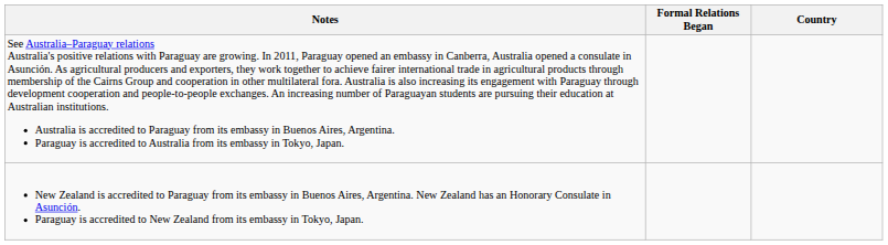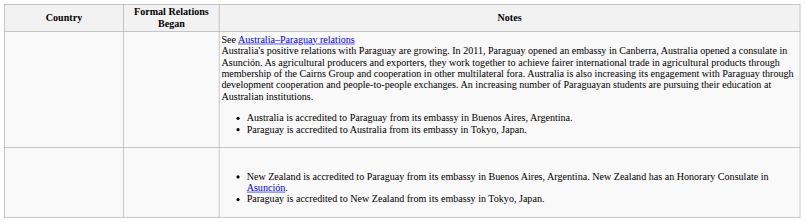 <table class="wikitable sortable" style="width:100%; margin:auto;">
 <tr>
+<th style="width:15%;">Country</th>
+<th style="width:12%;">Formal Relations Began</th>
 <th>Notes</th>
-<th style="width:12%;">Formal Relations Began</th>
-<th style="width:15%;">Country</th>
 </tr>
 <tr valign="top">
-<td>See <a href='#'>Australia–Paraguay relations</a><br>Australia's positive relations with Paraguay are growing. In 2011, Paraguay opened an embassy in Canberra, Australia opened a consulate in Asunción. As agricultural producers and exporters, they work together to achieve fairer international trade in agricultural products through membership of the Cairns Group and cooperation in other multilateral fora. Australia is also increasing its engagement with Paraguay through development cooperation and people-to-people exchanges. An increasing number of Paraguayan students are pursuing their education at Australian institutions.<ul><li>Australia is accredited to Paraguay from its embassy in Buenos Aires, Argentina.</li><li>Paraguay is accredited to Australia from its embassy in Tokyo, Japan.</li></ul></td>
 <td></td>
 <td></td>
+<td>See <a href='#'>Australia–Paraguay relations</a><br>Australia's positive relations with Paraguay are growing. In 2011, Paraguay opened an embassy in Canberra, Australia opened a consulate in Asunción. As agricultural producers and exporters, they work together to achieve fairer international trade in agricultural products through membership of the Cairns Group and cooperation in other multilateral fora. Australia is also increasing its engagement with Paraguay through development cooperation and people-to-people exchanges. An increasing number of Paraguayan students are pursuing their education at Australian institutions.<ul><li>Australia is accredited to Paraguay from its embassy in Buenos Aires, Argentina.</li><li>Paraguay is accredited to Australia from its embassy in Tokyo, Japan.</li></ul></td>
 </tr>
 <tr valign="top">
-<td><br><ul><li>New Zealand is accredited to Paraguay from its embassy in Buenos Aires, Argentina. New Zealand has an Honorary Consulate in <a href='#'>Asunción</a>.</li><li>Paraguay is accredited to New Zealand from its embassy in Tokyo, Japan.</li></ul></td>
 <td></td>
 <td></td>
+<td><br><ul><li>New Zealand is accredited to Paraguay from its embassy in Buenos Aires, Argentina. New Zealand has an Honorary Consulate in <a href='#'>Asunción</a>.</li><li>Paraguay is accredited to New Zealand from its embassy in Tokyo, Japan.</li></ul></td>
 </tr>
 </table>
